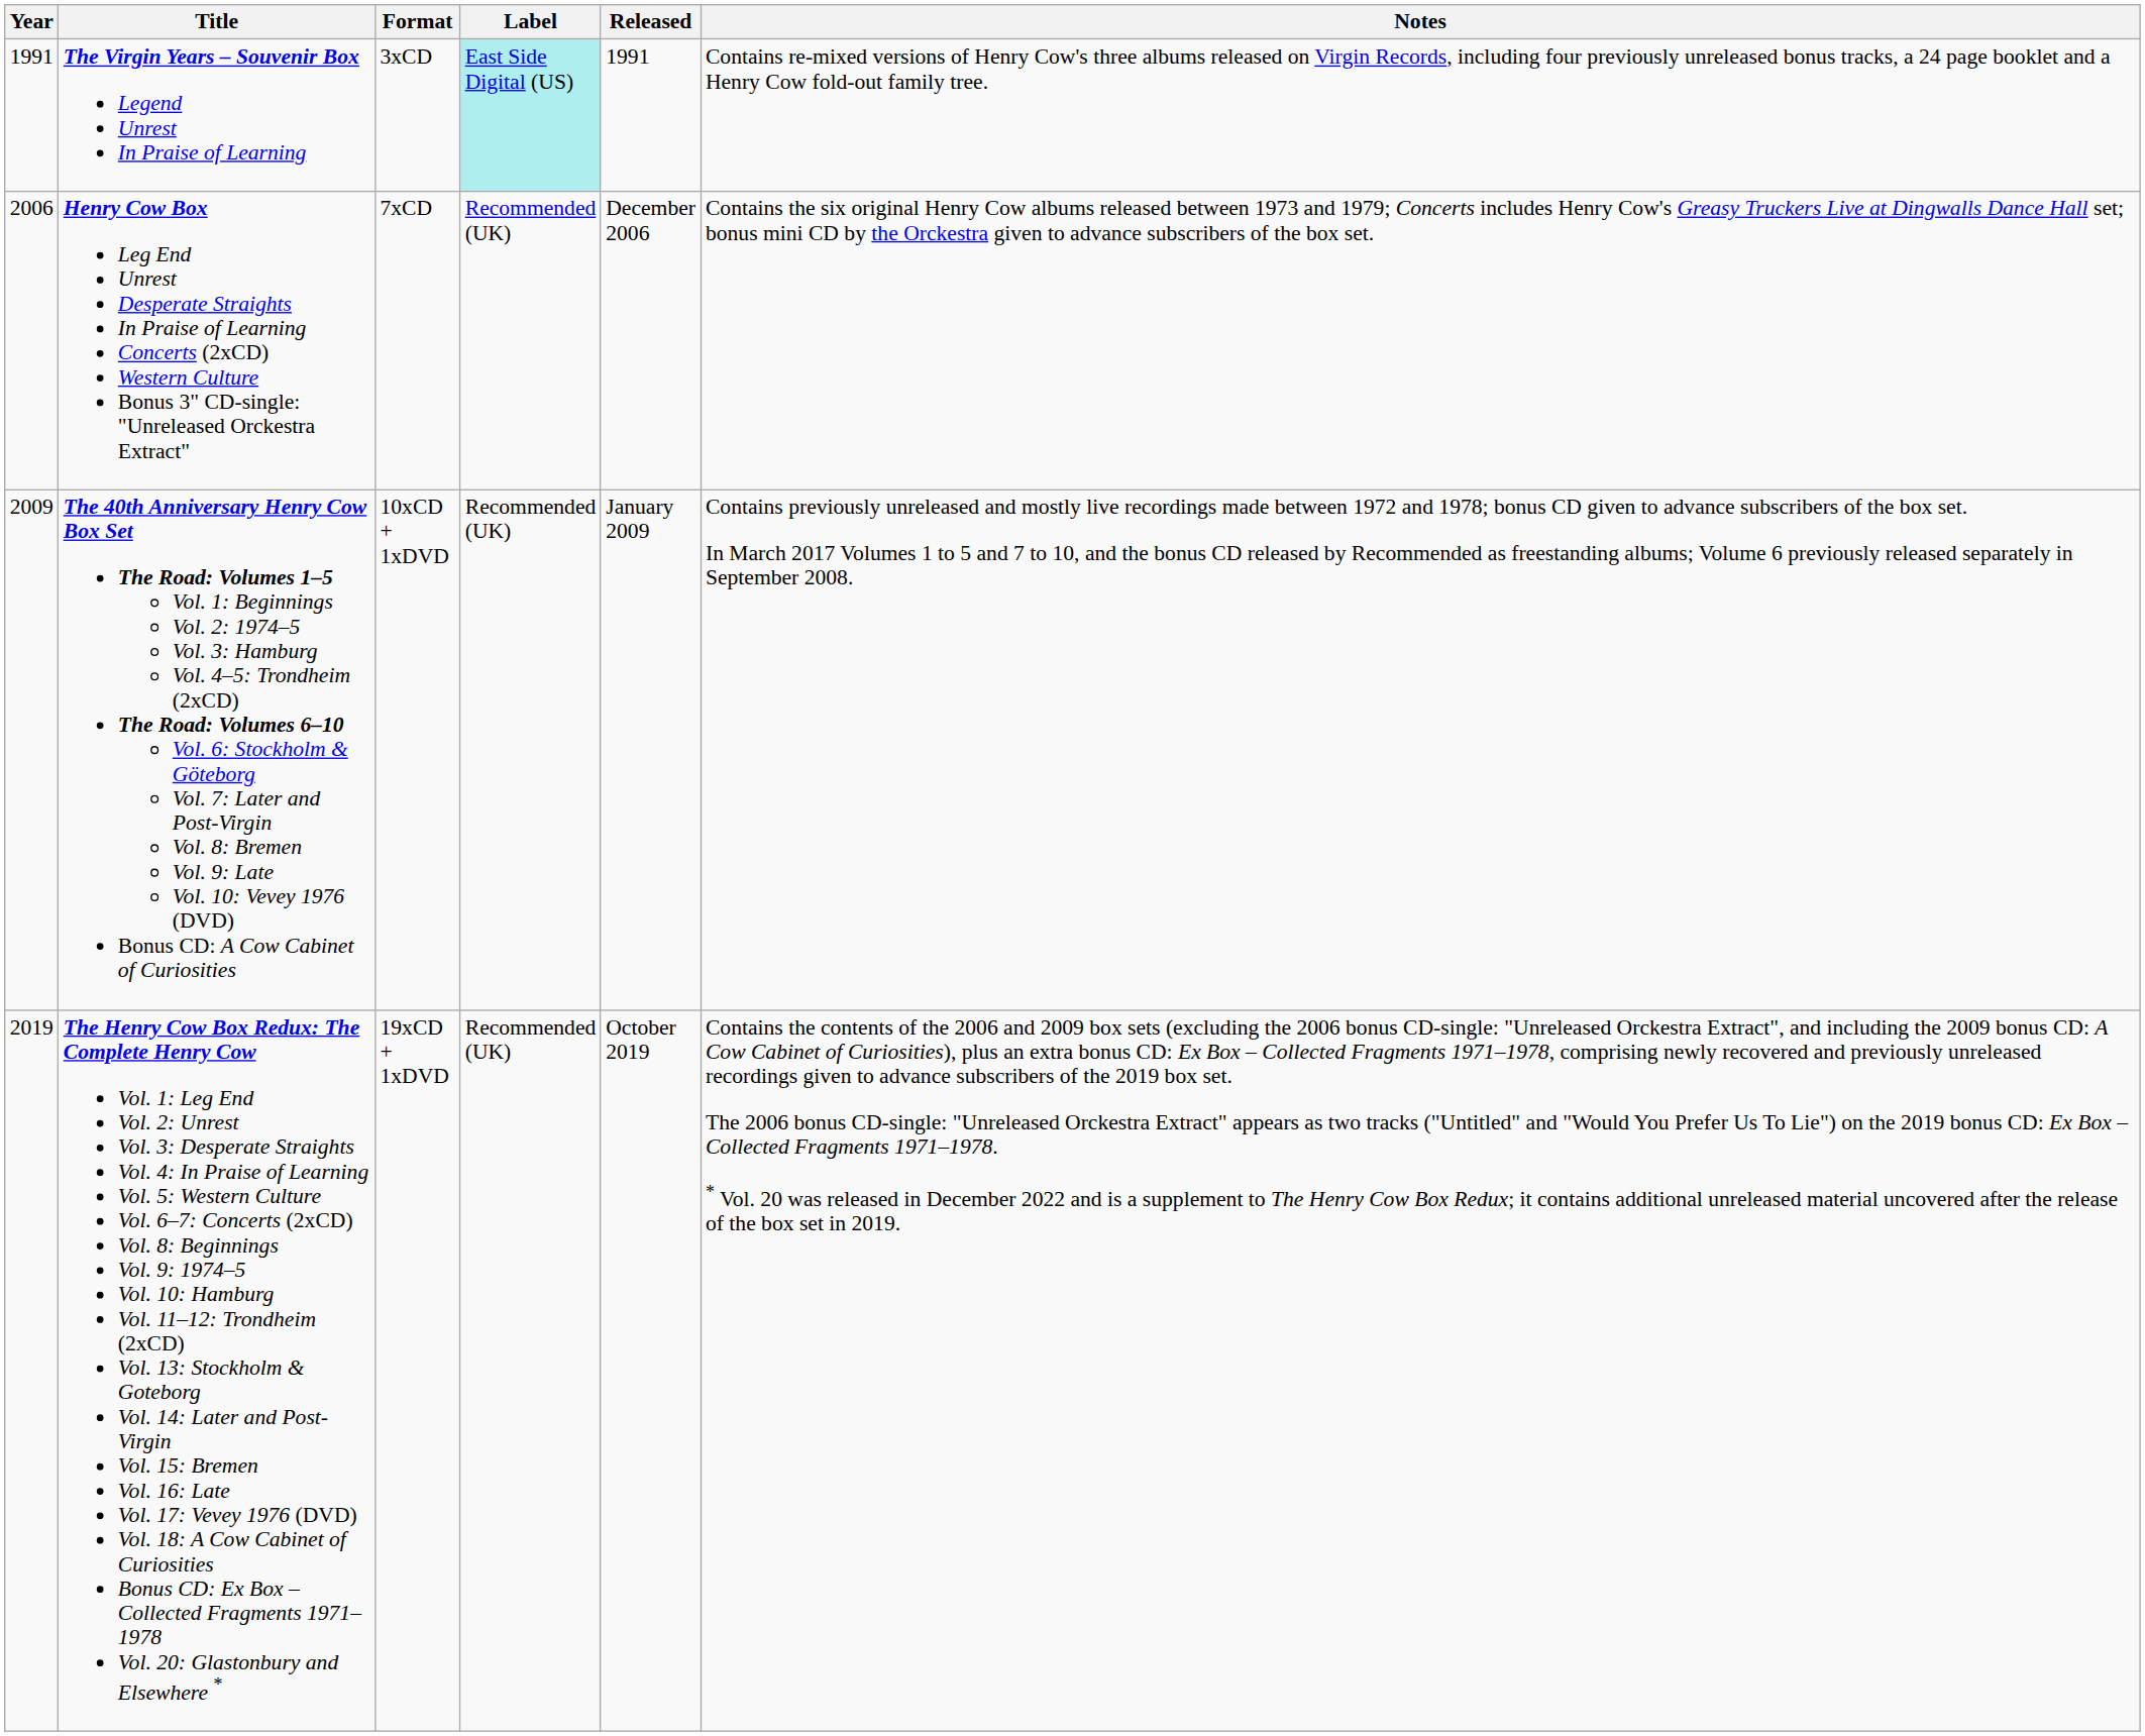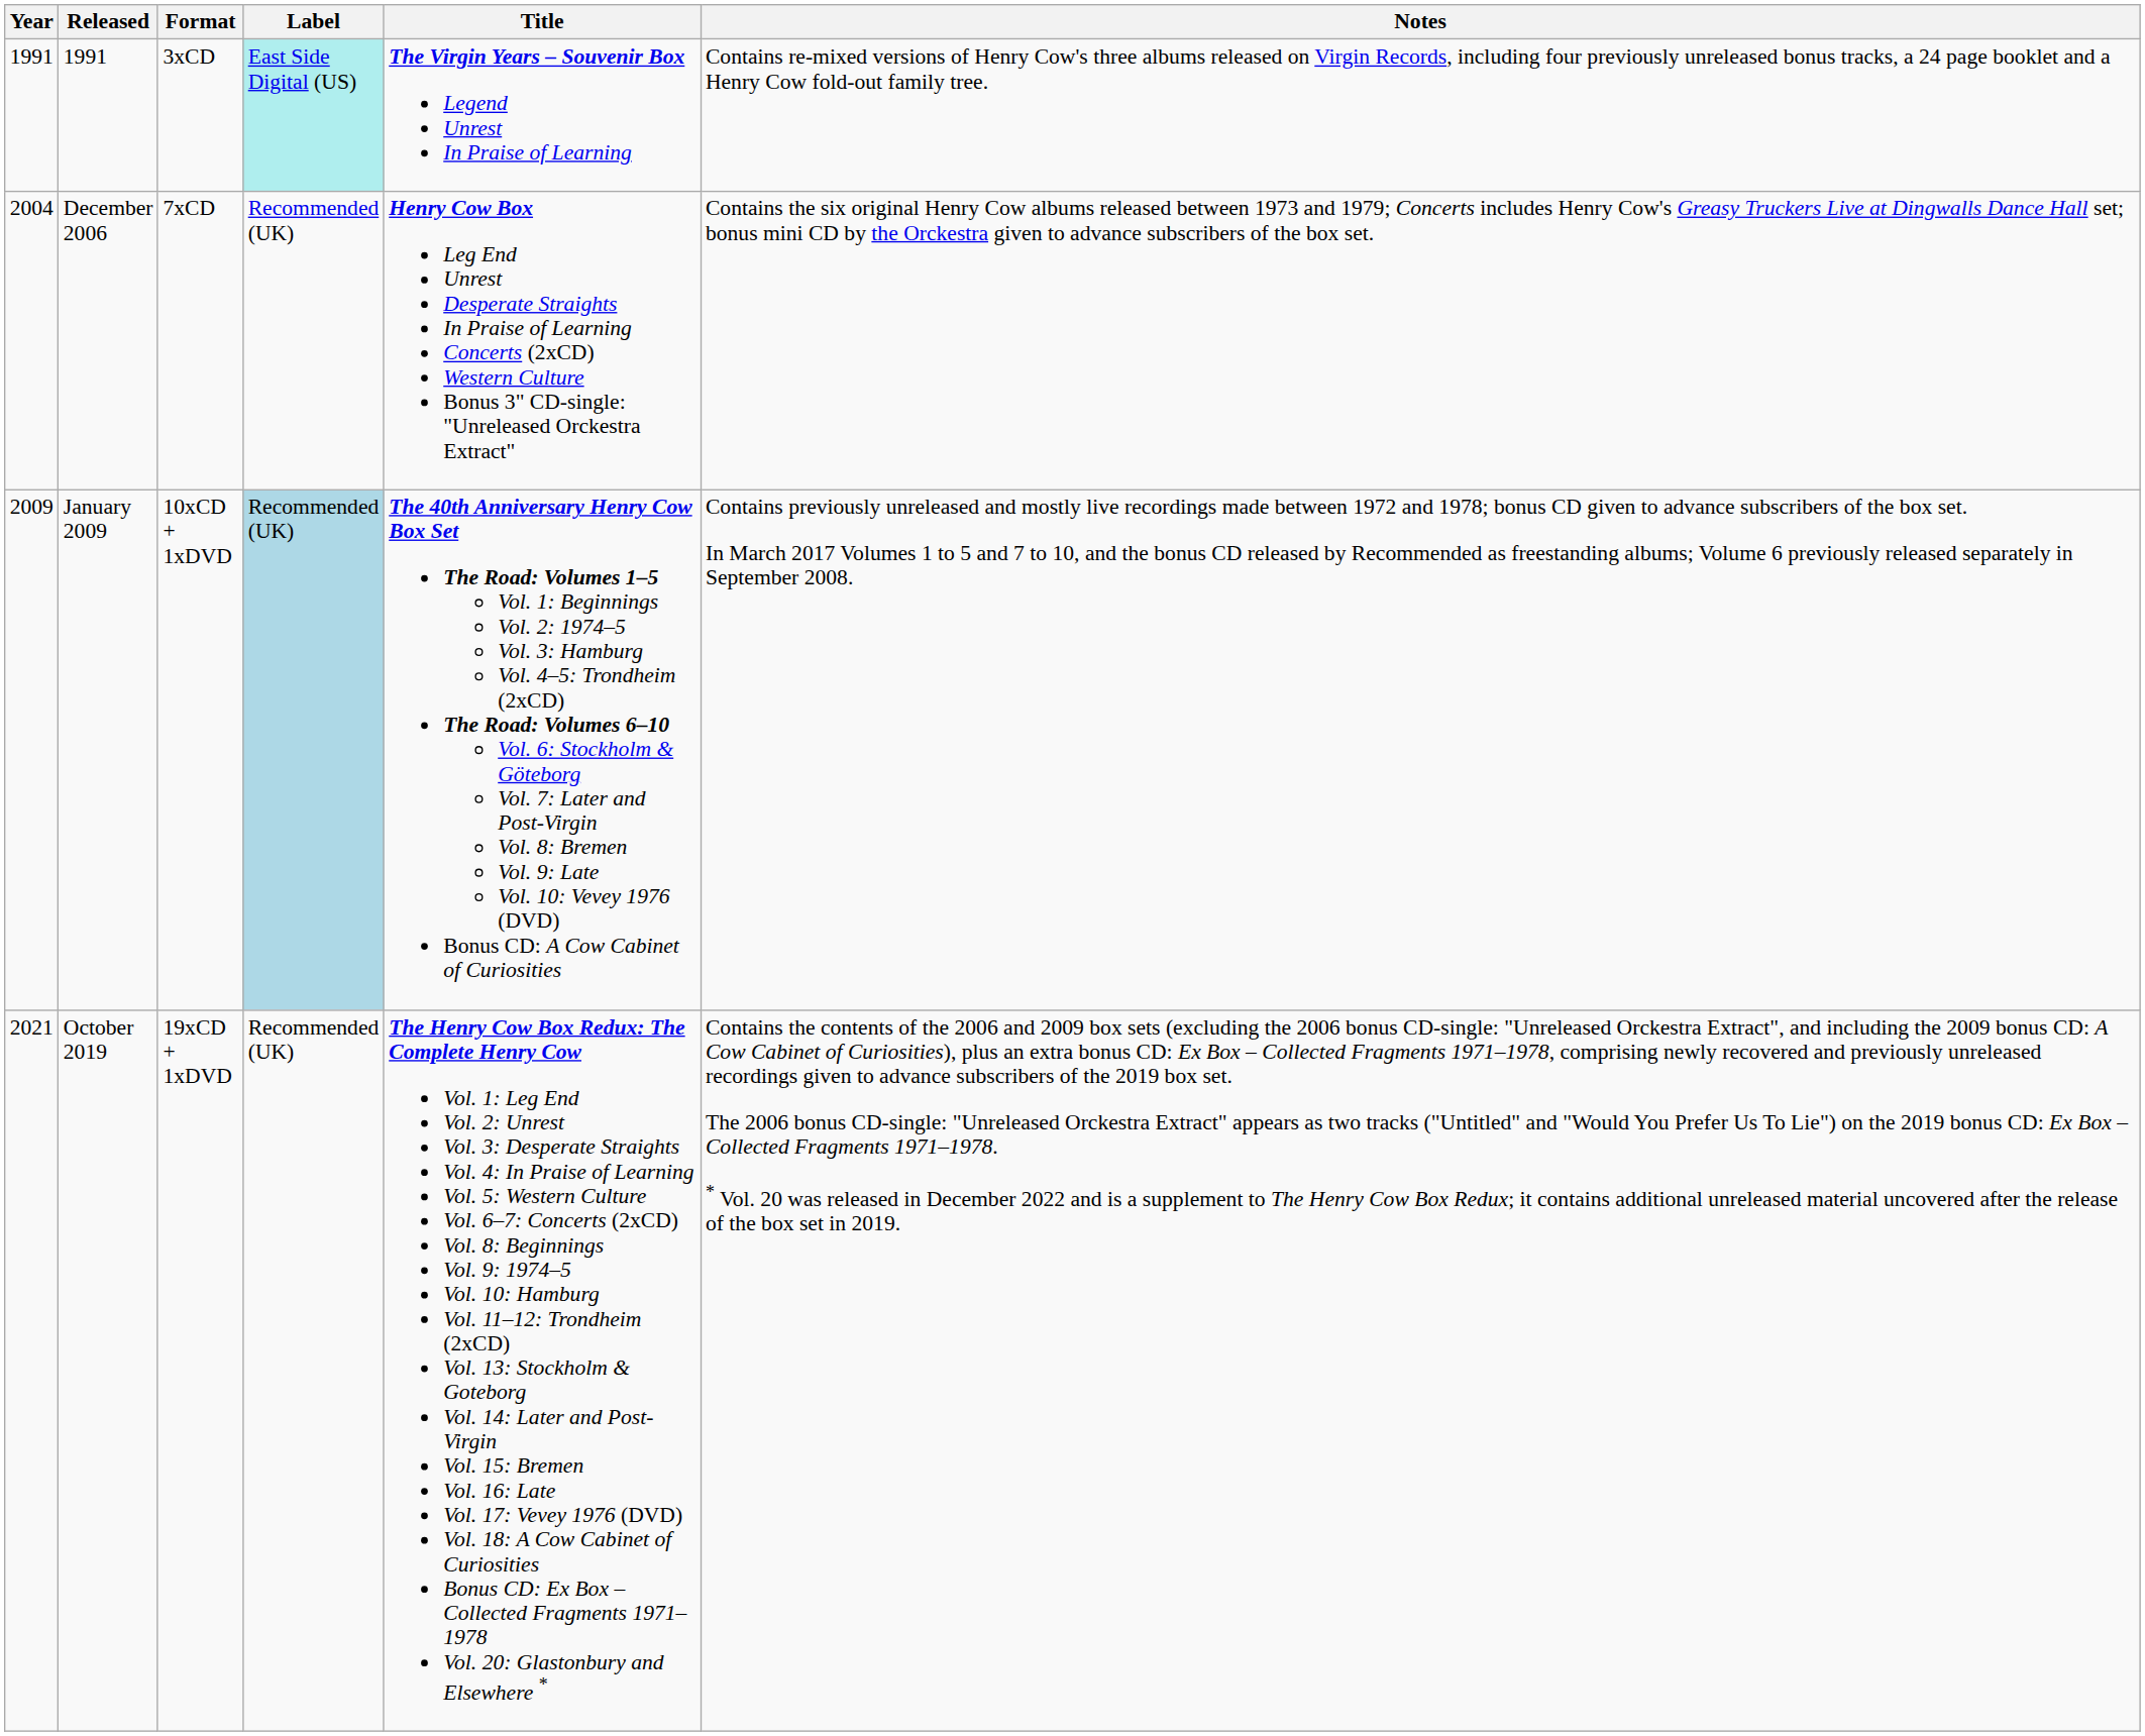 <table class="wikitable">
 <tr>
 <th style="width:30px">Year</th>
-<th style="width:225px">Title</th>
+<th style="width:55px">Released</th>
 <th style="width:55px">Format</th>
 <th style="width:90px">Label</th>
-<th style="width:55px">Released</th>
+<th style="width:225px">Title</th>
 <th>Notes</th>
 </tr>
 <tr>
 <td valign="top">1991</td>
-<td><strong><em><a href='#'>The Virgin Years – Souvenir Box</a></em></strong><br><ul><li><em><a href='#'>Legend</a></em></li><li><em><a href='#'>Unrest</a></em></li><li><em><a href='#'>In Praise of Learning</a></em></li></ul></td>
+<td valign="top">1991</td>
 <td valign="top">3xCD</td>
 <td valign="top" style="background: paleturquoise;"><a href='#'>East Side Digital</a> (US)</td>
-<td valign="top">1991</td>
+<td><strong><em><a href='#'>The Virgin Years – Souvenir Box</a></em></strong><br><ul><li><em><a href='#'>Legend</a></em></li><li><em><a href='#'>Unrest</a></em></li><li><em><a href='#'>In Praise of Learning</a></em></li></ul></td>
 <td valign="top">Contains re-mixed versions of Henry Cow's three albums released on <a href='#'>Virgin Records</a>, including four previously unreleased bonus tracks, a 24 page booklet and a Henry Cow fold-out family tree.</td>
 </tr>
 <tr>
-<td valign="top">2006</td>
-<td><strong><em><a href='#'>Henry Cow Box</a></em></strong><br><ul><li><em>Leg End</em></li><li><em>Unrest</em></li><li><em><a href='#'>Desperate Straights</a></em></li><li><em>In Praise of Learning</em></li><li><em><a href='#'>Concerts</a></em> (2xCD)</li><li><em><a href='#'>Western Culture</a></em></li><li>Bonus 3" CD-single: "Unreleased Orckestra Extract"</li></ul></td>
+<td valign="top">2004</td>
+<td valign="top">December 2006</td>
 <td valign="top">7xCD</td>
 <td valign="top"><a href='#'>Recommended</a> (UK)</td>
-<td valign="top">December 2006</td>
+<td><strong><em><a href='#'>Henry Cow Box</a></em></strong><br><ul><li><em>Leg End</em></li><li><em>Unrest</em></li><li><em><a href='#'>Desperate Straights</a></em></li><li><em>In Praise of Learning</em></li><li><em><a href='#'>Concerts</a></em> (2xCD)</li><li><em><a href='#'>Western Culture</a></em></li><li>Bonus 3" CD-single: "Unreleased Orckestra Extract"</li></ul></td>
 <td valign="top">Contains the six original Henry Cow albums released between 1973 and 1979; <em>Concerts</em> includes Henry Cow's <em><a href='#'>Greasy Truckers Live at Dingwalls Dance Hall</a></em> set; bonus mini CD by <a href='#'>the Orckestra</a> given to advance subscribers of the box set.</td>
 </tr>
 <tr>
 <td valign="top">2009</td>
+<td valign="top">January 2009</td>
+<td valign="top">10xCD + 1xDVD</td>
+<td valign="top" style="background: lightblue;">Recommended (UK)</td>
 <td><strong><em><a href='#'>The 40th Anniversary Henry Cow Box Set</a></em></strong><br><ul><li><strong><em>The Road: Volumes 1–5</em></strong><ul><li><em>Vol. 1: Beginnings</em></li><li><em>Vol. 2: 1974–5</em></li><li><em>Vol. 3: Hamburg</em></li><li><em>Vol. 4–5: Trondheim</em> (2xCD)</li></ul></li><li><strong><em>The Road: Volumes 6–10</em></strong><ul><li><em><a href='#'>Vol. 6: Stockholm & Göteborg</a></em></li><li><em>Vol. 7: Later and Post-Virgin</em></li><li><em>Vol. 8: Bremen</em></li><li><em>Vol. 9: Late</em></li><li><em>Vol. 10: Vevey 1976</em> (DVD)</li></ul></li><li>Bonus CD: <em>A Cow Cabinet of Curiosities</em></li></ul></td>
-<td valign="top">10xCD + 1xDVD</td>
-<td valign="top">Recommended (UK)</td>
-<td valign="top">January 2009</td>
 <td valign="top">Contains previously unreleased and mostly live recordings made between 1972 and 1978; bonus CD given to advance subscribers of the box set.<p>In March 2017 Volumes 1 to 5 and 7 to 10, and the bonus CD released by Recommended as freestanding albums; Volume 6 previously released separately in September 2008.</p></td>
 </tr>
 <tr>
-<td valign="top">2019</td>
-<td valign="top"><strong><em><a href='#'>The Henry Cow Box Redux: The Complete Henry Cow</a></em></strong><br><ul><li><em>Vol. 1: Leg End</em></li><li><em>Vol. 2: Unrest</em></li><li><em>Vol. 3: Desperate Straights</em></li><li><em>Vol. 4: In Praise of Learning</em></li><li><em>Vol. 5: Western Culture</em></li><li><em>Vol. 6–7: Concerts</em> (2xCD)</li><li><em>Vol. 8: Beginnings</em></li><li><em>Vol. 9: 1974–5</em></li><li><em>Vol. 10: Hamburg</em></li><li><em>Vol. 11–12: Trondheim</em> (2xCD)</li><li><em>Vol. 13: Stockholm & Goteborg</em></li><li><em>Vol. 14: Later and Post-Virgin</em></li><li><em>Vol. 15: Bremen</em></li><li><em>Vol. 16: Late</em></li><li><em>Vol. 17: Vevey 1976</em> (DVD)</li><li><em>Vol. 18: A Cow Cabinet of Curiosities</em></li><li><em>Bonus CD: Ex Box – Collected Fragments 1971–1978</em></li><li><em>Vol. 20: Glastonbury and Elsewhere</em> <sup>*</sup></li></ul></td>
+<td valign="top">2021</td>
+<td valign="top">October 2019</td>
 <td valign="top">19xCD + 1xDVD</td>
 <td valign="top">Recommended (UK)</td>
-<td valign="top">October 2019</td>
+<td valign="top"><strong><em><a href='#'>The Henry Cow Box Redux: The Complete Henry Cow</a></em></strong><br><ul><li><em>Vol. 1: Leg End</em></li><li><em>Vol. 2: Unrest</em></li><li><em>Vol. 3: Desperate Straights</em></li><li><em>Vol. 4: In Praise of Learning</em></li><li><em>Vol. 5: Western Culture</em></li><li><em>Vol. 6–7: Concerts</em> (2xCD)</li><li><em>Vol. 8: Beginnings</em></li><li><em>Vol. 9: 1974–5</em></li><li><em>Vol. 10: Hamburg</em></li><li><em>Vol. 11–12: Trondheim</em> (2xCD)</li><li><em>Vol. 13: Stockholm & Goteborg</em></li><li><em>Vol. 14: Later and Post-Virgin</em></li><li><em>Vol. 15: Bremen</em></li><li><em>Vol. 16: Late</em></li><li><em>Vol. 17: Vevey 1976</em> (DVD)</li><li><em>Vol. 18: A Cow Cabinet of Curiosities</em></li><li><em>Bonus CD: Ex Box – Collected Fragments 1971–1978</em></li><li><em>Vol. 20: Glastonbury and Elsewhere</em> <sup>*</sup></li></ul></td>
 <td valign="top">Contains the contents of the 2006 and 2009 box sets (excluding the 2006 bonus CD-single: "Unreleased Orckestra Extract", and including the 2009 bonus CD: <em>A Cow Cabinet of Curiosities</em>), plus an extra bonus CD: <em>Ex Box – Collected Fragments 1971–1978</em>, comprising newly recovered and previously unreleased recordings given to advance subscribers of the 2019 box set.<p>The 2006 bonus CD-single: "Unreleased Orckestra Extract" appears as two tracks ("Untitled" and "Would You Prefer Us To Lie") on the 2019 bonus CD: <em>Ex Box – Collected Fragments 1971–1978</em>.</p><p><sup>*</sup> Vol. 20 was released in December 2022 and is a supplement to <em>The Henry Cow Box Redux</em>; it contains additional unreleased material uncovered after the release of the box set in 2019.</p></td>
 </tr>
 </table>
